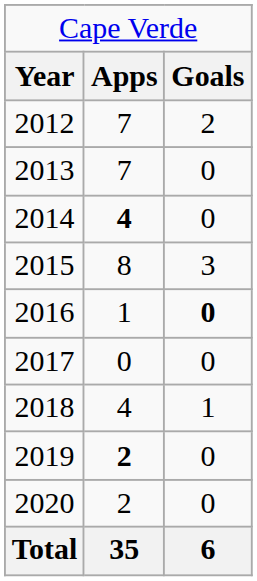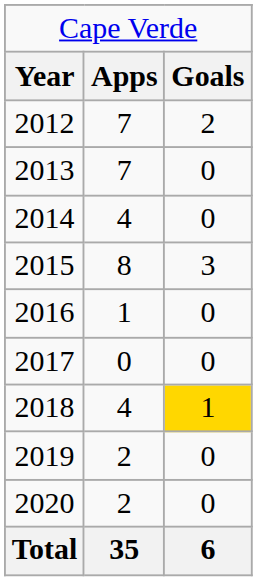 <table class="wikitable" style="text-align:center">
 <tr>
 <td colspan=3><a href='#'>Cape Verde</a></td>
 </tr>
 <tr>
 <th>Year</th>
 <th>Apps</th>
 <th>Goals</th>
 </tr>
 <tr>
 <td>2012</td>
 <td>7</td>
 <td>2</td>
 </tr>
 <tr>
 <td>2013</td>
 <td>7</td>
 <td>0</td>
 </tr>
 <tr>
 <td>2014</td>
-<td><strong>4</strong></td>
+<td>4</td>
 <td>0</td>
 </tr>
 <tr>
 <td>2015</td>
 <td>8</td>
 <td>3</td>
 </tr>
 <tr>
 <td>2016</td>
 <td>1</td>
-<td><strong>0</strong></td>
+<td>0</td>
 </tr>
 <tr>
 <td>2017</td>
 <td>0</td>
 <td>0</td>
 </tr>
 <tr>
 <td>2018</td>
 <td>4</td>
-<td>1</td>
+<td style="background: gold;">1</td>
 </tr>
 <tr>
 <td>2019</td>
-<td><strong>2</strong></td>
+<td>2</td>
 <td>0</td>
 </tr>
 <tr>
 <td>2020</td>
 <td>2</td>
 <td>0</td>
 </tr>
 <tr>
 <th>Total</th>
 <th>35</th>
 <th>6</th>
 </tr>
 </table>
